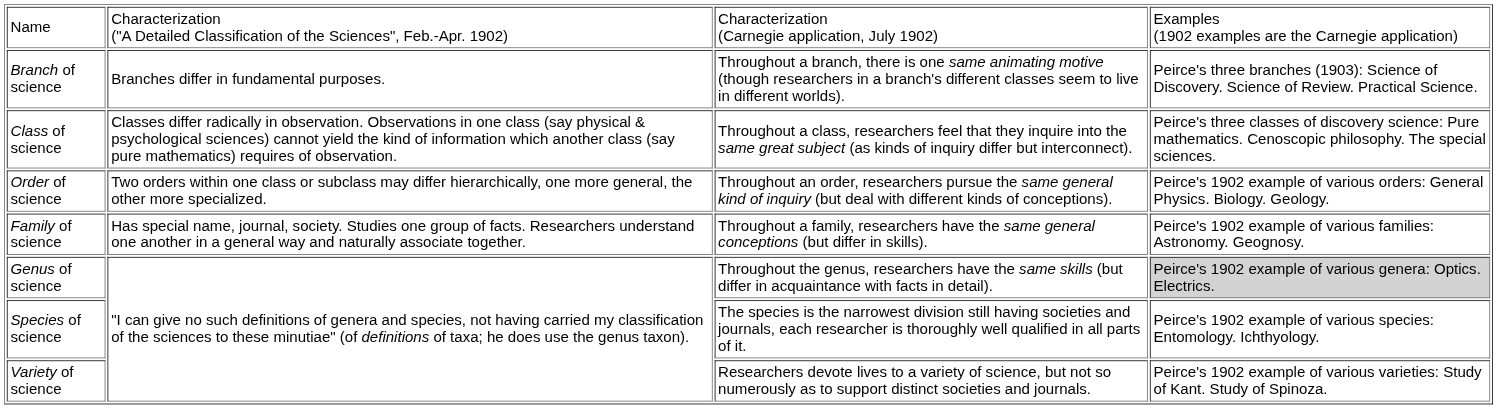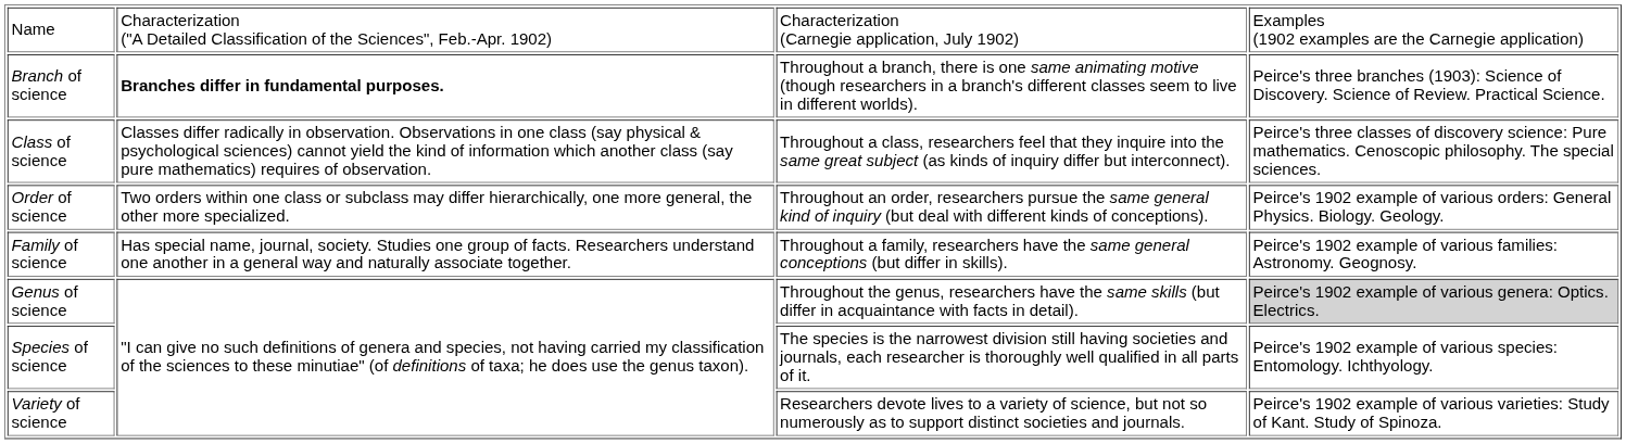 <table border=1 cellpadding=3>
 <tr>
 <td>Name</td>
 <td>Characterization <br>("A Detailed Classification of the Sciences", Feb.-Apr. 1902)</td>
 <td>Characterization<br>(Carnegie application, July 1902)</td>
 <td>Examples<br>(1902 examples are the Carnegie application)</td>
 </tr>
 <tr>
 <td><em>Branch</em> of science</td>
-<td>Branches differ in fundamental purposes.</td>
+<td><strong>Branches differ in fundamental purposes.</strong></td>
 <td>Throughout a branch, there is one <em>same animating motive</em> (though researchers in a branch's different classes seem to live in different worlds).</td>
 <td>Peirce's three branches (1903): Science of Discovery. Science of Review. Practical Science.</td>
 </tr>
 <tr>
 <td><em>Class</em> of science</td>
 <td>Classes differ radically in observation. Observations in one class (say physical & psychological sciences) cannot yield the kind of information which another class (say pure mathematics) requires of observation.</td>
 <td>Throughout a class, researchers feel that they inquire into the <em>same great subject</em> (as kinds of inquiry differ but interconnect).</td>
 <td>Peirce's three classes of discovery science: Pure mathematics. Cenoscopic philosophy. The special sciences.</td>
 </tr>
 <tr>
 <td><em>Order</em> of science</td>
 <td>Two orders within one class or subclass may differ hierarchically, one more general, the other more specialized.</td>
 <td>Throughout an order, researchers pursue the <em>same general kind of inquiry</em> (but deal with different kinds of conceptions).</td>
 <td>Peirce's 1902 example of various orders: General Physics. Biology. Geology.</td>
 </tr>
 <tr>
 <td><em>Family</em> of science</td>
 <td>Has special name, journal, society. Studies one group of facts. Researchers understand one another in a general way and naturally associate together.</td>
 <td>Throughout a family, researchers have the <em>same general conceptions</em> (but differ in skills).</td>
 <td>Peirce's 1902 example of various families: Astronomy. Geognosy.</td>
 </tr>
 <tr>
 <td><em>Genus</em> of science</td>
 <td rowspan=3>"I can give no such definitions of genera and species, not having carried my classification of the sciences to these minutiae" (of <em>definitions</em> of taxa; he does use the genus taxon).</td>
 <td>Throughout the genus, researchers have the <em>same skills</em> (but differ in acquaintance with facts in detail).</td>
 <td style="background: lightgrey;">Peirce's 1902 example of various genera: Optics. Electrics.</td>
 </tr>
 <tr>
 <td><em>Species</em> of science</td>
 <td>The species is the narrowest division still having societies and journals, each researcher is thoroughly well qualified in all parts of it.</td>
 <td>Peirce's 1902 example of various species: Entomology. Ichthyology.</td>
 </tr>
 <tr>
 <td><em>Variety</em> of science</td>
 <td>Researchers devote lives to a variety of science, but not so numerously as to support distinct societies and journals.</td>
 <td>Peirce's 1902 example of various varieties: Study of Kant. Study of Spinoza.</td>
 </tr>
 </table>
